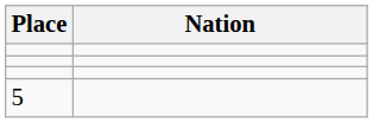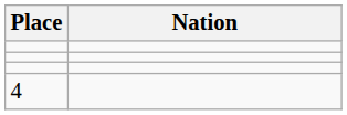 <table class=wikitable style=text-align:left>
 <tr>
 <th width=35>Place</th>
 <th width=185>Nation</th>
 </tr>
 <tr>
 <td></td>
 <td style=text-align:left></td>
 </tr>
 <tr>
 <td></td>
 <td style=text-align:left></td>
 </tr>
 <tr>
 <td></td>
 <td style=text-align:left></td>
 </tr>
 <tr>
-<td style=text-align:left>5</td>
+<td style=text-align:left>4</td>
 <td></td>
 </tr>
 </table>
